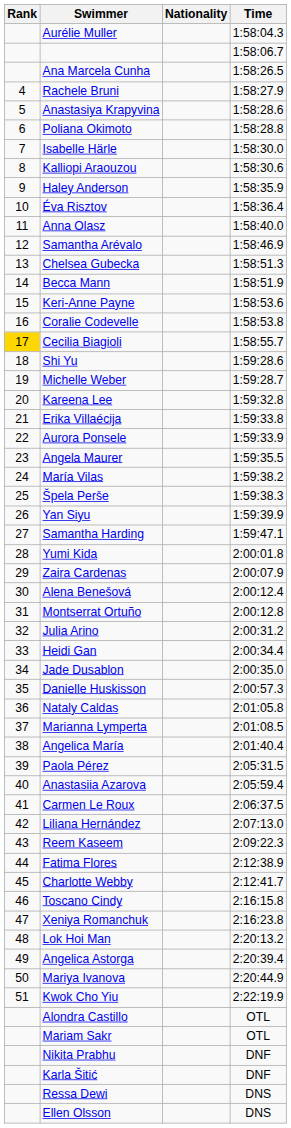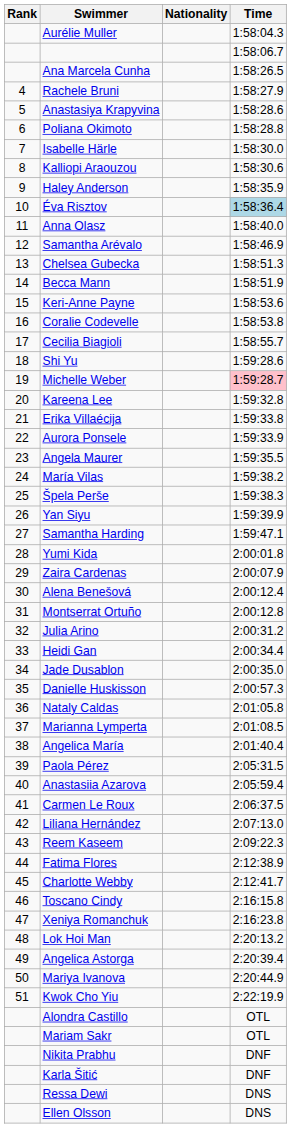 <table class="wikitable sortable" border="1" style="text-align:center">
 <tr>
 <th>Rank</th>
 <th>Swimmer</th>
 <th>Nationality</th>
 <th>Time</th>
 </tr>
 <tr>
 <td></td>
 <td align=left><a href='#'>Aurélie Muller</a></td>
 <td align=left></td>
 <td>1:58:04.3</td>
 </tr>
 <tr>
 <td></td>
 <td align=left></td>
 <td align=left></td>
 <td>1:58:06.7</td>
 </tr>
 <tr>
 <td></td>
 <td align=left><a href='#'>Ana Marcela Cunha</a></td>
 <td align=left></td>
 <td>1:58:26.5</td>
 </tr>
 <tr>
 <td>4</td>
 <td align=left><a href='#'>Rachele Bruni</a></td>
 <td align=left></td>
 <td>1:58:27.9</td>
 </tr>
 <tr>
 <td>5</td>
 <td align=left><a href='#'>Anastasiya Krapyvina</a></td>
 <td align=left></td>
 <td>1:58:28.6</td>
 </tr>
 <tr>
 <td>6</td>
 <td align=left><a href='#'>Poliana Okimoto</a></td>
 <td align=left></td>
 <td>1:58:28.8</td>
 </tr>
 <tr>
 <td>7</td>
 <td align=left><a href='#'>Isabelle Härle</a></td>
 <td align=left></td>
 <td>1:58:30.0</td>
 </tr>
 <tr>
 <td>8</td>
 <td align=left><a href='#'>Kalliopi Araouzou</a></td>
 <td align=left></td>
 <td>1:58:30.6</td>
 </tr>
 <tr>
 <td>9</td>
 <td align=left><a href='#'>Haley Anderson</a></td>
 <td align=left></td>
 <td>1:58:35.9</td>
 </tr>
 <tr>
 <td>10</td>
 <td align=left><a href='#'>Éva Risztov</a></td>
 <td align=left></td>
-<td>1:58:36.4</td>
+<td style="background: lightblue;">1:58:36.4</td>
 </tr>
 <tr>
 <td>11</td>
 <td align=left><a href='#'>Anna Olasz</a></td>
 <td align=left></td>
 <td>1:58:40.0</td>
 </tr>
 <tr>
 <td>12</td>
 <td align=left><a href='#'>Samantha Arévalo</a></td>
 <td align=left></td>
 <td>1:58:46.9</td>
 </tr>
 <tr>
 <td>13</td>
 <td align=left><a href='#'>Chelsea Gubecka</a></td>
 <td align=left></td>
 <td>1:58:51.3</td>
 </tr>
 <tr>
 <td>14</td>
 <td align=left><a href='#'>Becca Mann</a></td>
 <td align=left></td>
 <td>1:58:51.9</td>
 </tr>
 <tr>
 <td>15</td>
 <td align=left><a href='#'>Keri-Anne Payne</a></td>
 <td align=left></td>
 <td>1:58:53.6</td>
 </tr>
 <tr>
 <td>16</td>
 <td align=left><a href='#'>Coralie Codevelle</a></td>
 <td align=left></td>
 <td>1:58:53.8</td>
 </tr>
 <tr>
-<td style="background: gold;">17</td>
+<td>17</td>
 <td align=left><a href='#'>Cecilia Biagioli</a></td>
 <td align=left></td>
 <td>1:58:55.7</td>
 </tr>
 <tr>
 <td>18</td>
 <td align=left><a href='#'>Shi Yu</a></td>
 <td align=left></td>
 <td>1:59:28.6</td>
 </tr>
 <tr>
 <td>19</td>
 <td align=left><a href='#'>Michelle Weber</a></td>
 <td align=left></td>
-<td>1:59:28.7</td>
+<td style="background: pink;">1:59:28.7</td>
 </tr>
 <tr>
 <td>20</td>
 <td align=left><a href='#'>Kareena Lee</a></td>
 <td align=left></td>
 <td>1:59:32.8</td>
 </tr>
 <tr>
 <td>21</td>
 <td align=left><a href='#'>Erika Villaécija</a></td>
 <td align=left></td>
 <td>1:59:33.8</td>
 </tr>
 <tr>
 <td>22</td>
 <td align=left><a href='#'>Aurora Ponsele</a></td>
 <td align=left></td>
 <td>1:59:33.9</td>
 </tr>
 <tr>
 <td>23</td>
 <td align=left><a href='#'>Angela Maurer</a></td>
 <td align=left></td>
 <td>1:59:35.5</td>
 </tr>
 <tr>
 <td>24</td>
 <td align=left><a href='#'>María Vilas</a></td>
 <td align=left></td>
 <td>1:59:38.2</td>
 </tr>
 <tr>
 <td>25</td>
 <td align=left><a href='#'>Špela Perše</a></td>
 <td align=left></td>
 <td>1:59:38.3</td>
 </tr>
 <tr>
 <td>26</td>
 <td align=left><a href='#'>Yan Siyu</a></td>
 <td align=left></td>
 <td>1:59:39.9</td>
 </tr>
 <tr>
 <td>27</td>
 <td align=left><a href='#'>Samantha Harding</a></td>
 <td align=left></td>
 <td>1:59:47.1</td>
 </tr>
 <tr>
 <td>28</td>
 <td align=left><a href='#'>Yumi Kida</a></td>
 <td align=left></td>
 <td>2:00:01.8</td>
 </tr>
 <tr>
 <td>29</td>
 <td align=left><a href='#'>Zaira Cardenas</a></td>
 <td align=left></td>
 <td>2:00:07.9</td>
 </tr>
 <tr>
 <td>30</td>
 <td align=left><a href='#'>Alena Benešová</a></td>
 <td align=left></td>
 <td>2:00:12.4</td>
 </tr>
 <tr>
 <td>31</td>
 <td align=left><a href='#'>Montserrat Ortuño</a></td>
 <td align=left></td>
 <td>2:00:12.8</td>
 </tr>
 <tr>
 <td>32</td>
 <td align=left><a href='#'>Julia Arino</a></td>
 <td align=left></td>
 <td>2:00:31.2</td>
 </tr>
 <tr>
 <td>33</td>
 <td align=left><a href='#'>Heidi Gan</a></td>
 <td align=left></td>
 <td>2:00:34.4</td>
 </tr>
 <tr>
 <td>34</td>
 <td align=left><a href='#'>Jade Dusablon</a></td>
 <td align=left></td>
 <td>2:00:35.0</td>
 </tr>
 <tr>
 <td>35</td>
 <td align=left><a href='#'>Danielle Huskisson</a></td>
 <td align=left></td>
 <td>2:00:57.3</td>
 </tr>
 <tr>
 <td>36</td>
 <td align=left><a href='#'>Nataly Caldas</a></td>
 <td align=left></td>
 <td>2:01:05.8</td>
 </tr>
 <tr>
 <td>37</td>
 <td align=left><a href='#'>Marianna Lymperta</a></td>
 <td align=left></td>
 <td>2:01:08.5</td>
 </tr>
 <tr>
 <td>38</td>
 <td align=left><a href='#'>Angelica María</a></td>
 <td align=left></td>
 <td>2:01:40.4</td>
 </tr>
 <tr>
 <td>39</td>
 <td align=left><a href='#'>Paola Pérez</a></td>
 <td align=left></td>
 <td>2:05:31.5</td>
 </tr>
 <tr>
 <td>40</td>
 <td align=left><a href='#'>Anastasiia Azarova</a></td>
 <td align=left></td>
 <td>2:05:59.4</td>
 </tr>
 <tr>
 <td>41</td>
 <td align=left><a href='#'>Carmen Le Roux</a></td>
 <td align=left></td>
 <td>2:06:37.5</td>
 </tr>
 <tr>
 <td>42</td>
 <td align=left><a href='#'>Liliana Hernández</a></td>
 <td align=left></td>
 <td>2:07:13.0</td>
 </tr>
 <tr>
 <td>43</td>
 <td align=left><a href='#'>Reem Kaseem</a></td>
 <td align=left></td>
 <td>2:09:22.3</td>
 </tr>
 <tr>
 <td>44</td>
 <td align=left><a href='#'>Fatima Flores</a></td>
 <td align=left></td>
 <td>2:12:38.9</td>
 </tr>
 <tr>
 <td>45</td>
 <td align=left><a href='#'>Charlotte Webby</a></td>
 <td align=left></td>
 <td>2:12:41.7</td>
 </tr>
 <tr>
 <td>46</td>
 <td align=left><a href='#'>Toscano Cindy</a></td>
 <td align=left></td>
 <td>2:16:15.8</td>
 </tr>
 <tr>
 <td>47</td>
 <td align=left><a href='#'>Xeniya Romanchuk</a></td>
 <td align=left></td>
 <td>2:16:23.8</td>
 </tr>
 <tr>
 <td>48</td>
 <td align=left><a href='#'>Lok Hoi Man</a></td>
 <td align=left></td>
 <td>2:20:13.2</td>
 </tr>
 <tr>
 <td>49</td>
 <td align=left><a href='#'>Angelica Astorga</a></td>
 <td align=left></td>
 <td>2:20:39.4</td>
 </tr>
 <tr>
 <td>50</td>
 <td align=left><a href='#'>Mariya Ivanova</a></td>
 <td align=left></td>
 <td>2:20:44.9</td>
 </tr>
 <tr>
 <td>51</td>
 <td align=left><a href='#'>Kwok Cho Yiu</a></td>
 <td align=left></td>
 <td>2:22:19.9</td>
 </tr>
 <tr>
 <td></td>
 <td align=left><a href='#'>Alondra Castillo</a></td>
 <td align=left></td>
 <td>OTL</td>
 </tr>
 <tr>
 <td></td>
 <td align=left><a href='#'>Mariam Sakr</a></td>
 <td align=left></td>
 <td>OTL</td>
 </tr>
 <tr>
 <td></td>
 <td align=left><a href='#'>Nikita Prabhu</a></td>
 <td align=left></td>
 <td>DNF</td>
 </tr>
 <tr>
 <td></td>
 <td align=left><a href='#'>Karla Šitić</a></td>
 <td align=left></td>
 <td>DNF</td>
 </tr>
 <tr>
 <td></td>
 <td align=left><a href='#'>Ressa Dewi</a></td>
 <td align=left></td>
 <td>DNS</td>
 </tr>
 <tr>
 <td></td>
 <td align=left><a href='#'>Ellen Olsson</a></td>
 <td align=left></td>
 <td>DNS</td>
 </tr>
 </table>
